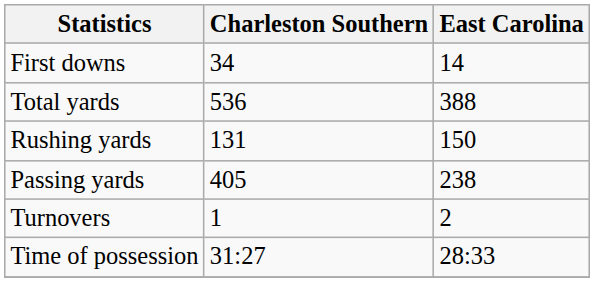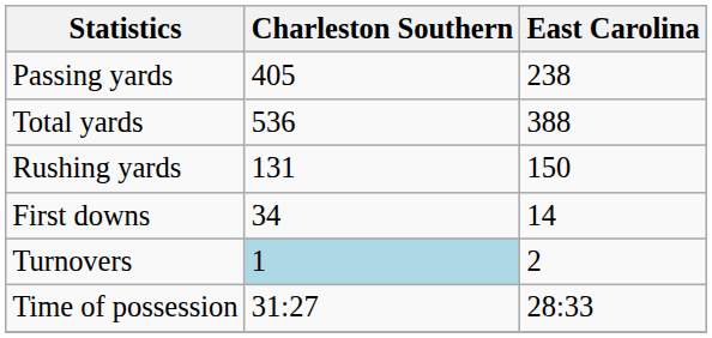 <table class="wikitable">
 <tr>
 <th>Statistics</th>
 <th>Charleston Southern</th>
 <th>East Carolina</th>
 </tr>
 <tr>
-<td>First downs</td>
-<td>34</td>
-<td>14</td>
+<td>Passing yards</td>
+<td>405</td>
+<td>238</td>
 </tr>
 <tr>
 <td>Total yards</td>
 <td>536</td>
 <td>388</td>
 </tr>
 <tr>
 <td>Rushing yards</td>
 <td>131</td>
 <td>150</td>
 </tr>
 <tr>
-<td>Passing yards</td>
-<td>405</td>
-<td>238</td>
+<td>First downs</td>
+<td>34</td>
+<td>14</td>
 </tr>
 <tr>
 <td>Turnovers</td>
-<td>1</td>
+<td style="background: lightblue;">1</td>
 <td>2</td>
 </tr>
 <tr>
 <td>Time of possession</td>
 <td>31:27</td>
 <td>28:33</td>
 </tr>
 <tr>
 </tr>
 </table>
